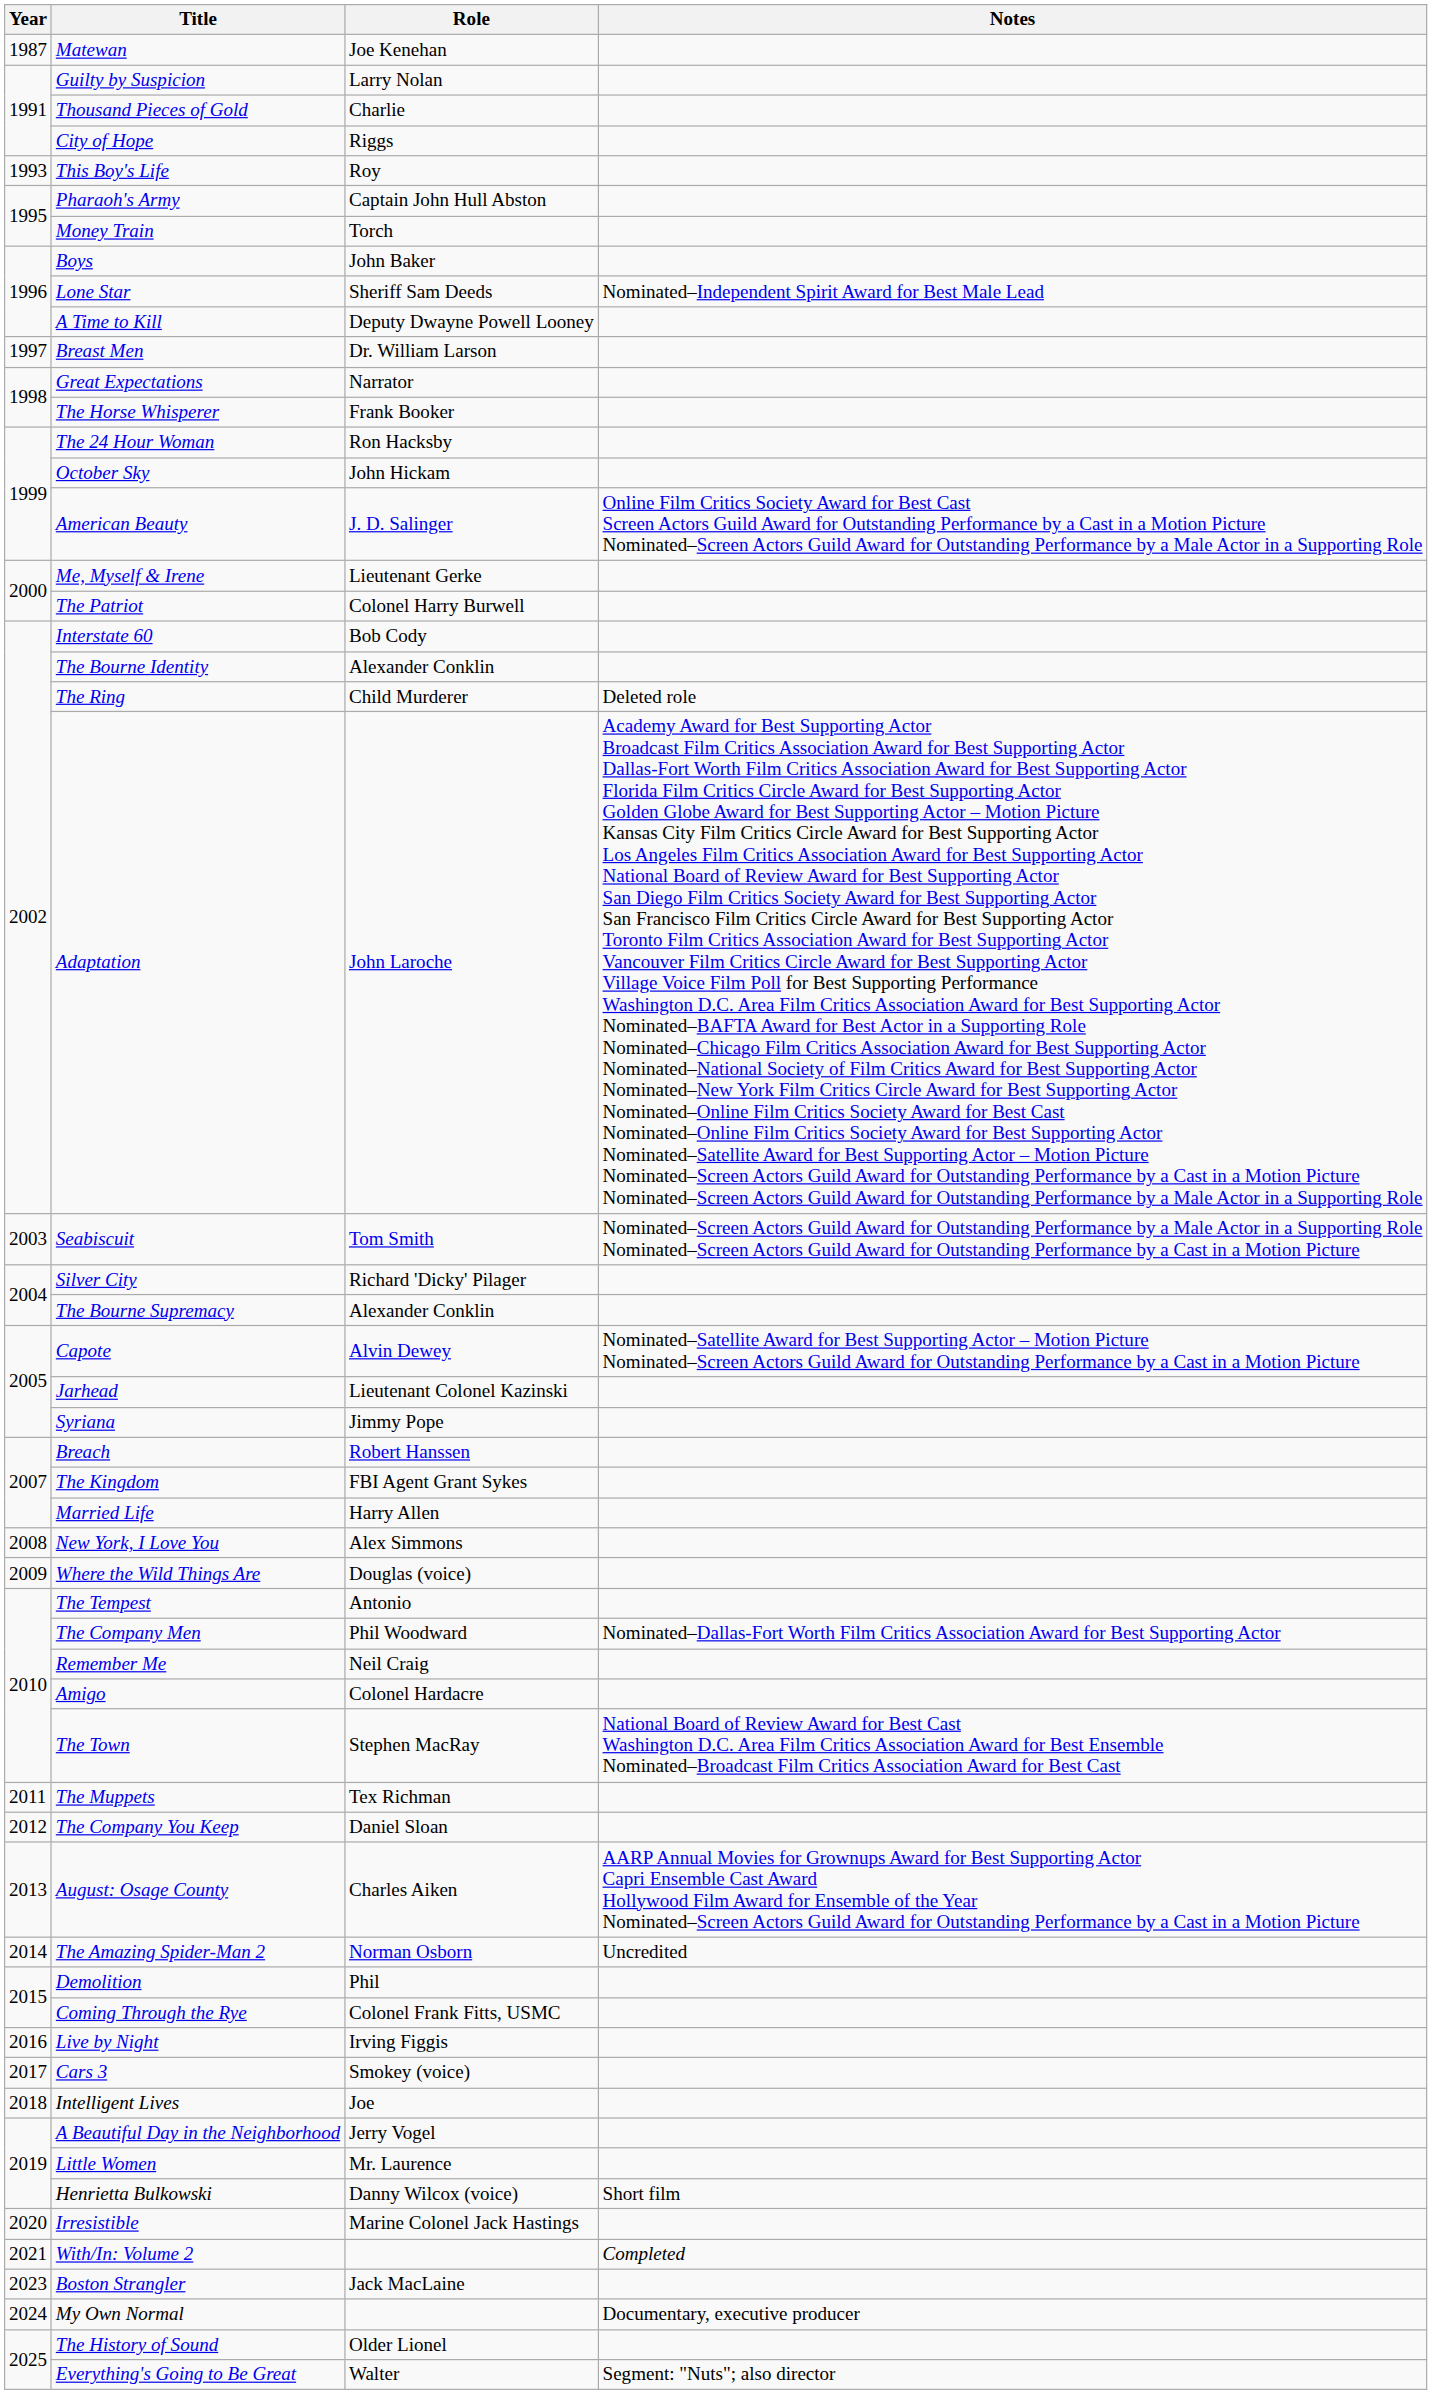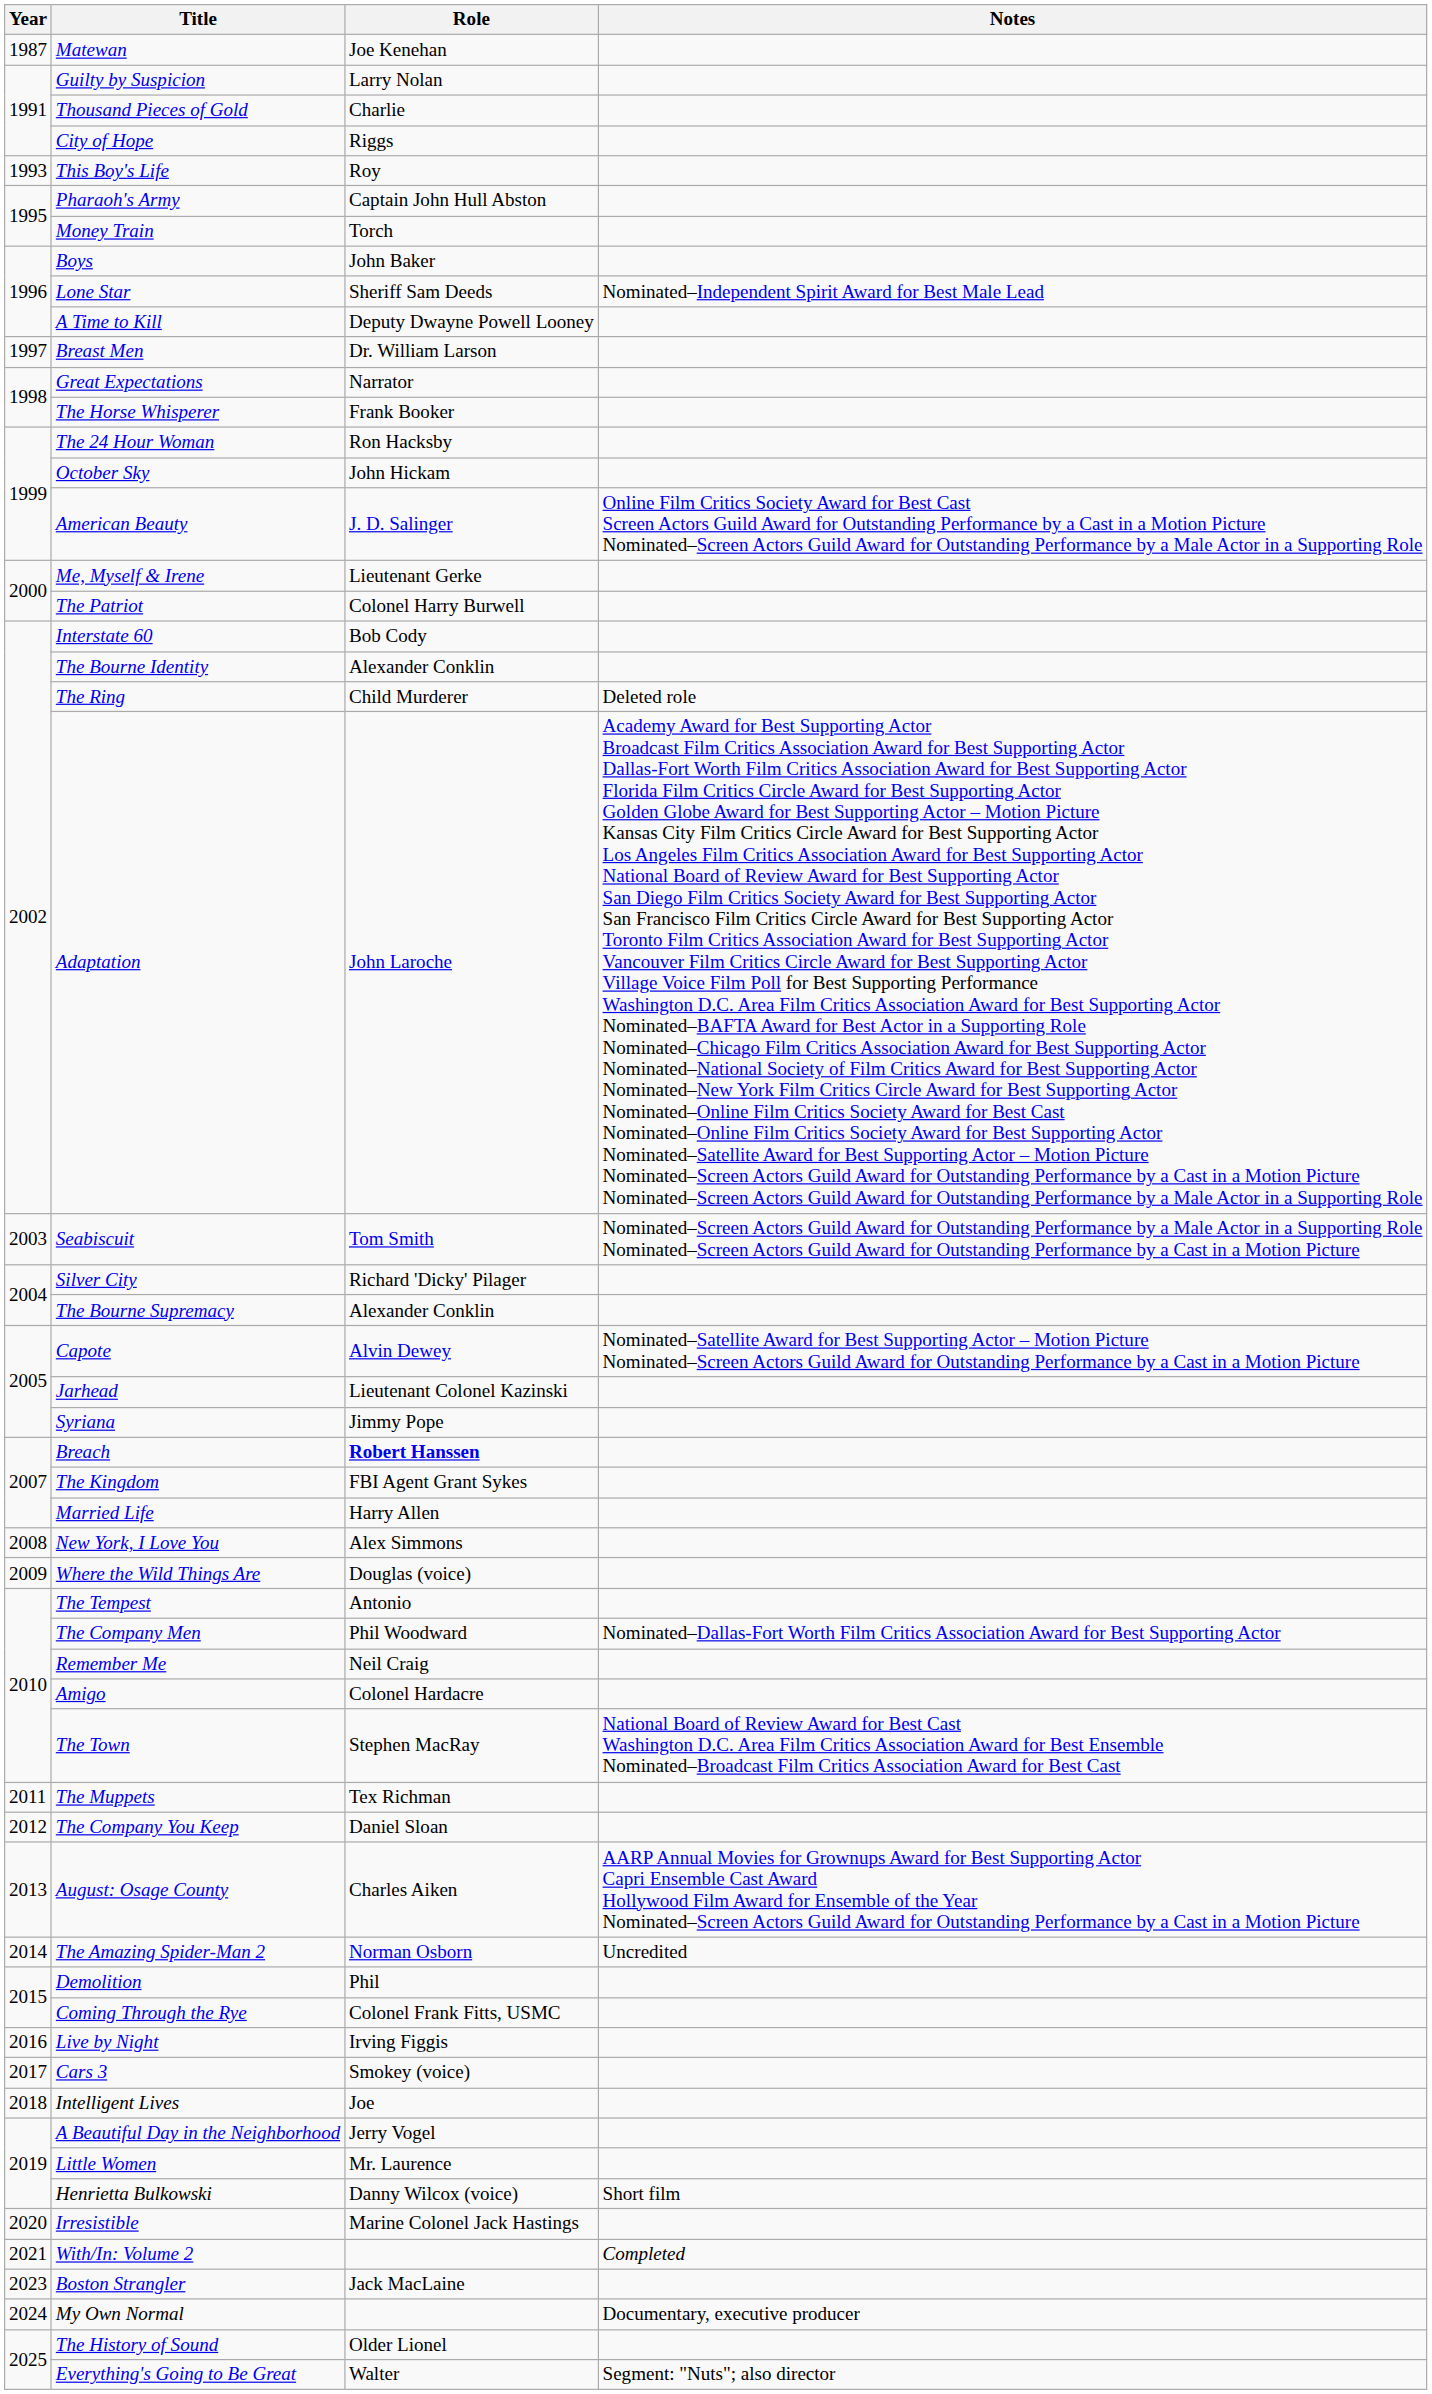 <table class="wikitable sortable">
 <tr>
 <th>Year</th>
 <th>Title</th>
 <th>Role</th>
 <th class="unsortable">Notes</th>
 </tr>
 <tr>
 <td>1987</td>
 <td><em><a href='#'>Matewan</a></em></td>
 <td>Joe Kenehan</td>
 <td></td>
 </tr>
 <tr>
 <td rowspan="3">1991</td>
 <td><em><a href='#'>Guilty by Suspicion</a></em></td>
 <td>Larry Nolan</td>
 <td></td>
 </tr>
 <tr>
 <td><em><a href='#'>Thousand Pieces of Gold</a></em></td>
 <td>Charlie</td>
 <td></td>
 </tr>
 <tr>
 <td><em><a href='#'>City of Hope</a></em></td>
 <td>Riggs</td>
 <td></td>
 </tr>
 <tr>
 <td>1993</td>
 <td><em><a href='#'>This Boy's Life</a></em></td>
 <td>Roy</td>
 <td></td>
 </tr>
 <tr>
 <td rowspan="2">1995</td>
 <td><em><a href='#'>Pharaoh's Army</a></em></td>
 <td>Captain John Hull Abston</td>
 <td></td>
 </tr>
 <tr>
 <td><em><a href='#'>Money Train</a></em></td>
 <td>Torch</td>
 <td></td>
 </tr>
 <tr>
 <td rowspan="3">1996</td>
 <td><em><a href='#'>Boys</a></em></td>
 <td>John Baker</td>
 <td></td>
 </tr>
 <tr>
 <td><em><a href='#'>Lone Star</a></em></td>
 <td>Sheriff Sam Deeds</td>
 <td>Nominated–<a href='#'>Independent Spirit Award for Best Male Lead</a></td>
 </tr>
 <tr>
 <td><em><a href='#'>A Time to Kill</a></em></td>
 <td>Deputy Dwayne Powell Looney</td>
 <td></td>
 </tr>
 <tr>
 <td>1997</td>
 <td><em><a href='#'>Breast Men</a></em></td>
 <td>Dr. William Larson</td>
 <td></td>
 </tr>
 <tr>
 <td rowspan="2">1998</td>
 <td><em><a href='#'>Great Expectations</a></em></td>
 <td>Narrator</td>
 <td></td>
 </tr>
 <tr>
 <td><em><a href='#'>The Horse Whisperer</a></em></td>
 <td>Frank Booker</td>
 <td></td>
 </tr>
 <tr>
 <td rowspan="3">1999</td>
 <td><em><a href='#'>The 24 Hour Woman</a></em></td>
 <td>Ron Hacksby</td>
 <td></td>
 </tr>
 <tr>
 <td><em><a href='#'>October Sky</a></em></td>
 <td>John Hickam</td>
 <td></td>
 </tr>
 <tr>
 <td><em><a href='#'>American Beauty</a></em></td>
 <td><a href='#'>J. D. Salinger</a></td>
 <td><a href='#'>Online Film Critics Society Award for Best Cast</a><br><a href='#'>Screen Actors Guild Award for Outstanding Performance by a Cast in a Motion Picture</a><br>Nominated–<a href='#'>Screen Actors Guild Award for Outstanding Performance by a Male Actor in a Supporting Role</a></td>
 </tr>
 <tr>
 <td rowspan="2">2000</td>
 <td><em><a href='#'>Me, Myself & Irene</a></em></td>
 <td>Lieutenant Gerke</td>
 <td></td>
 </tr>
 <tr>
 <td><em><a href='#'>The Patriot</a></em></td>
 <td>Colonel Harry Burwell</td>
 <td></td>
 </tr>
 <tr>
 <td rowspan="4">2002</td>
 <td><em><a href='#'>Interstate 60</a></em></td>
 <td>Bob Cody</td>
 <td></td>
 </tr>
 <tr>
 <td><em><a href='#'>The Bourne Identity</a></em></td>
 <td>Alexander Conklin</td>
 <td></td>
 </tr>
 <tr>
 <td><em><a href='#'>The Ring</a></em></td>
 <td>Child Murderer</td>
 <td>Deleted role</td>
 </tr>
 <tr>
 <td><em><a href='#'>Adaptation</a></em></td>
 <td><a href='#'>John Laroche</a></td>
 <td><a href='#'>Academy Award for Best Supporting Actor</a><br><a href='#'>Broadcast Film Critics Association Award for Best Supporting Actor</a><br><a href='#'>Dallas-Fort Worth Film Critics Association Award for Best Supporting Actor</a><br><a href='#'>Florida Film Critics Circle Award for Best Supporting Actor</a><br><a href='#'>Golden Globe Award for Best Supporting Actor – Motion Picture</a><br>Kansas City Film Critics Circle Award for Best Supporting Actor<br><a href='#'>Los Angeles Film Critics Association Award for Best Supporting Actor</a><br><a href='#'>National Board of Review Award for Best Supporting Actor</a><br><a href='#'>San Diego Film Critics Society Award for Best Supporting Actor</a><br>San Francisco Film Critics Circle Award for Best Supporting Actor<br><a href='#'>Toronto Film Critics Association Award for Best Supporting Actor</a><br><a href='#'>Vancouver Film Critics Circle Award for Best Supporting Actor</a><br><a href='#'>Village Voice Film Poll</a> for Best Supporting Performance<br><a href='#'>Washington D.C. Area Film Critics Association Award for Best Supporting Actor</a><br>Nominated–<a href='#'>BAFTA Award for Best Actor in a Supporting Role</a><br>Nominated–<a href='#'>Chicago Film Critics Association Award for Best Supporting Actor</a><br>Nominated–<a href='#'>National Society of Film Critics Award for Best Supporting Actor</a><br>Nominated–<a href='#'>New York Film Critics Circle Award for Best Supporting Actor</a><br>Nominated–<a href='#'>Online Film Critics Society Award for Best Cast</a><br>Nominated–<a href='#'>Online Film Critics Society Award for Best Supporting Actor</a><br>Nominated–<a href='#'>Satellite Award for Best Supporting Actor – Motion Picture</a><br>Nominated–<a href='#'>Screen Actors Guild Award for Outstanding Performance by a Cast in a Motion Picture</a><br>Nominated–<a href='#'>Screen Actors Guild Award for Outstanding Performance by a Male Actor in a Supporting Role</a></td>
 </tr>
 <tr>
 <td>2003</td>
 <td><em><a href='#'>Seabiscuit</a></em></td>
 <td><a href='#'>Tom Smith</a></td>
 <td>Nominated–<a href='#'>Screen Actors Guild Award for Outstanding Performance by a Male Actor in a Supporting Role</a><br>Nominated–<a href='#'>Screen Actors Guild Award for Outstanding Performance by a Cast in a Motion Picture</a></td>
 </tr>
 <tr>
 <td rowspan="2">2004</td>
 <td><em><a href='#'>Silver City</a></em></td>
 <td>Richard 'Dicky' Pilager</td>
 <td></td>
 </tr>
 <tr>
 <td><em><a href='#'>The Bourne Supremacy</a></em></td>
 <td>Alexander Conklin</td>
 <td></td>
 </tr>
 <tr>
 <td rowspan="3">2005</td>
 <td><em><a href='#'>Capote</a></em></td>
 <td><a href='#'>Alvin Dewey</a></td>
 <td>Nominated–<a href='#'>Satellite Award for Best Supporting Actor – Motion Picture</a><br>Nominated–<a href='#'>Screen Actors Guild Award for Outstanding Performance by a Cast in a Motion Picture</a></td>
 </tr>
 <tr>
 <td><em><a href='#'>Jarhead</a></em></td>
 <td>Lieutenant Colonel Kazinski</td>
 <td></td>
 </tr>
 <tr>
 <td><em><a href='#'>Syriana</a></em></td>
 <td>Jimmy Pope</td>
 <td></td>
 </tr>
 <tr>
 <td rowspan="3">2007</td>
 <td><em><a href='#'>Breach</a></em></td>
-<td><a href='#'>Robert Hanssen</a></td>
+<td><strong><a href='#'>Robert Hanssen</a></strong></td>
 <td></td>
 </tr>
 <tr>
 <td><em><a href='#'>The Kingdom</a></em></td>
 <td>FBI Agent Grant Sykes</td>
 <td></td>
 </tr>
 <tr>
 <td><em><a href='#'>Married Life</a></em></td>
 <td>Harry Allen</td>
 <td></td>
 </tr>
 <tr>
 <td>2008</td>
 <td><em><a href='#'>New York, I Love You</a></em></td>
 <td>Alex Simmons</td>
 <td></td>
 </tr>
 <tr>
 <td>2009</td>
 <td><em><a href='#'>Where the Wild Things Are</a></em></td>
 <td>Douglas (voice)</td>
 <td></td>
 </tr>
 <tr>
 <td rowspan="5">2010</td>
 <td><em><a href='#'>The Tempest</a></em></td>
 <td>Antonio</td>
 <td></td>
 </tr>
 <tr>
 <td><em><a href='#'>The Company Men</a></em></td>
 <td>Phil Woodward</td>
 <td>Nominated–<a href='#'>Dallas-Fort Worth Film Critics Association Award for Best Supporting Actor</a></td>
 </tr>
 <tr>
 <td><em><a href='#'>Remember Me</a></em></td>
 <td>Neil Craig</td>
 <td></td>
 </tr>
 <tr>
 <td><em><a href='#'>Amigo</a></em></td>
 <td>Colonel Hardacre</td>
 <td></td>
 </tr>
 <tr>
 <td><em><a href='#'>The Town</a></em></td>
 <td>Stephen MacRay</td>
 <td><a href='#'>National Board of Review Award for Best Cast</a><br><a href='#'>Washington D.C. Area Film Critics Association Award for Best Ensemble</a><br>Nominated–<a href='#'>Broadcast Film Critics Association Award for Best Cast</a></td>
 </tr>
 <tr>
 <td>2011</td>
 <td><em><a href='#'>The Muppets</a></em></td>
 <td>Tex Richman</td>
 <td></td>
 </tr>
 <tr>
 <td>2012</td>
 <td><em><a href='#'>The Company You Keep</a></em></td>
 <td>Daniel Sloan</td>
 <td></td>
 </tr>
 <tr>
 <td>2013</td>
 <td><em><a href='#'>August: Osage County</a></em></td>
 <td>Charles Aiken</td>
 <td><a href='#'>AARP Annual Movies for Grownups Award for Best Supporting Actor</a><br><a href='#'>Capri Ensemble Cast Award</a><br><a href='#'>Hollywood Film Award for Ensemble of the Year</a><br>Nominated–<a href='#'>Screen Actors Guild Award for Outstanding Performance by a Cast in a Motion Picture</a></td>
 </tr>
 <tr>
 <td>2014</td>
 <td><em><a href='#'>The Amazing Spider-Man 2</a></em></td>
 <td><a href='#'>Norman Osborn</a></td>
 <td>Uncredited</td>
 </tr>
 <tr>
 <td rowspan="2">2015</td>
 <td><em><a href='#'>Demolition</a></em></td>
 <td>Phil</td>
 <td></td>
 </tr>
 <tr>
 <td><em><a href='#'>Coming Through the Rye</a></em></td>
 <td>Colonel Frank Fitts, USMC</td>
 <td></td>
 </tr>
 <tr>
 <td>2016</td>
 <td><em><a href='#'>Live by Night</a></em></td>
 <td>Irving Figgis</td>
 <td></td>
 </tr>
 <tr>
 <td>2017</td>
 <td><em><a href='#'>Cars 3</a></em></td>
 <td>Smokey (voice)</td>
 <td></td>
 </tr>
 <tr>
 <td>2018</td>
 <td><em>Intelligent Lives</em></td>
 <td>Joe</td>
 <td></td>
 </tr>
 <tr>
 <td rowspan="3">2019</td>
 <td><em><a href='#'>A Beautiful Day in the Neighborhood</a></em></td>
 <td>Jerry Vogel</td>
 <td></td>
 </tr>
 <tr>
 <td><em><a href='#'>Little Women</a></em></td>
 <td>Mr. Laurence</td>
 <td></td>
 </tr>
 <tr>
 <td><em>Henrietta Bulkowski</em></td>
 <td>Danny Wilcox (voice)</td>
 <td>Short film</td>
 </tr>
 <tr>
 <td>2020</td>
 <td><em><a href='#'>Irresistible</a></em></td>
 <td>Marine Colonel Jack Hastings</td>
 <td></td>
 </tr>
 <tr>
 <td>2021</td>
 <td><em><a href='#'>With/In: Volume 2</a></em></td>
 <td></td>
 <td><em>Completed</em></td>
 </tr>
 <tr>
 <td>2023</td>
 <td><em><a href='#'>Boston Strangler</a></em></td>
 <td>Jack MacLaine</td>
 <td></td>
 </tr>
 <tr>
 <td>2024</td>
 <td><em>My Own Normal</em></td>
 <td></td>
 <td>Documentary, executive producer</td>
 </tr>
 <tr>
 <td rowspan="2">2025</td>
 <td><em><a href='#'>The History of Sound</a></em></td>
 <td>Older Lionel</td>
 <td></td>
 </tr>
 <tr>
 <td><em><a href='#'>Everything's Going to Be Great</a></em></td>
 <td>Walter</td>
 <td>Segment: "Nuts"; also director</td>
 </tr>
 </table>
